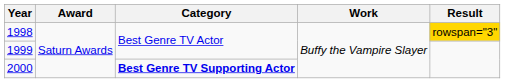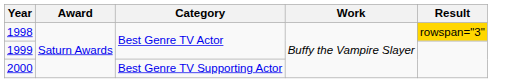 <table class="wikitable sortable">
 <tr>
 <th>Year</th>
 <th>Award</th>
 <th>Category</th>
 <th>Work</th>
 <th>Result</th>
 </tr>
 <tr>
 <td><a href='#'>1998</a></td>
 <td rowspan="3"><a href='#'>Saturn Awards</a></td>
 <td rowspan="2"><a href='#'>Best Genre TV Actor</a></td>
 <td rowspan="3"><em>Buffy the Vampire Slayer</em></td>
 <td style="background: gold;">rowspan="3" </td>
 </tr>
 <tr>
 <td><a href='#'>1999</a></td>
 </tr>
 <tr>
 <td><a href='#'>2000</a></td>
-<td><strong><a href='#'>Best Genre TV Supporting Actor</a></strong></td>
+<td><a href='#'>Best Genre TV Supporting Actor</a></td>
 </tr>
 </table>
